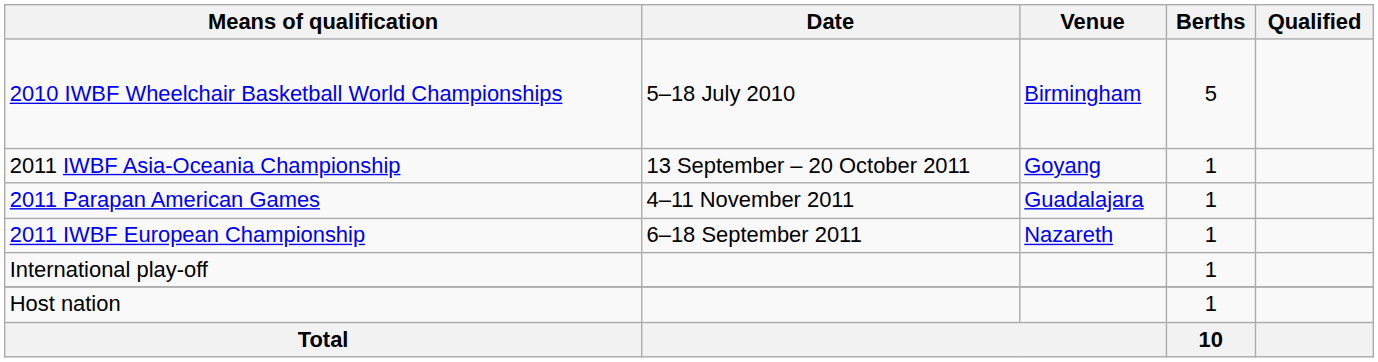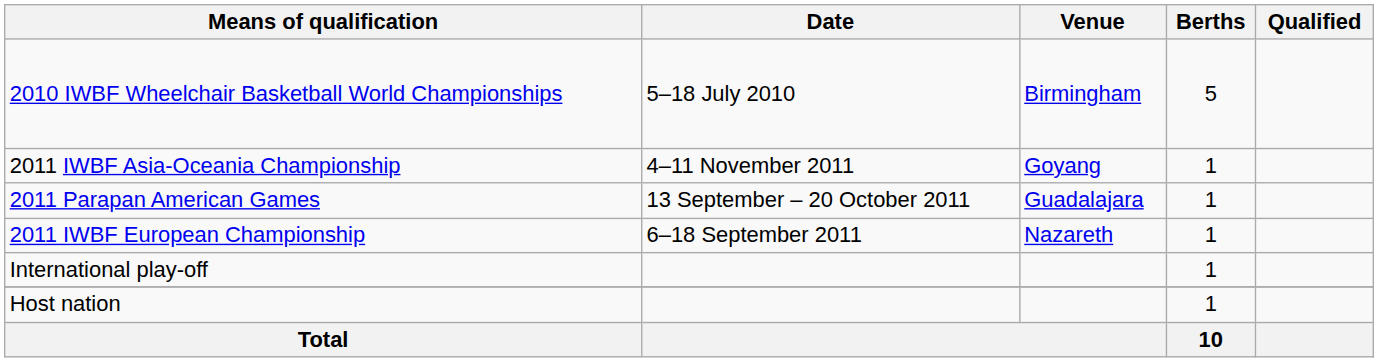 <table class="wikitable" width=1000>
 <tr>
 <th>Means of qualification</th>
 <th>Date</th>
 <th>Venue</th>
 <th>Berths</th>
 <th>Qualified</th>
 </tr>
 <tr>
 <td><a href='#'>2010 IWBF Wheelchair Basketball World Championships</a></td>
 <td>5–18 July 2010</td>
 <td> <a href='#'>Birmingham</a></td>
 <td align="center">5</td>
 <td><br><br><br><br></td>
 </tr>
 <tr>
 <td>2011 <a href='#'>IWBF Asia-Oceania Championship</a></td>
-<td>13 September – 20 October 2011</td>
+<td>4–11 November 2011</td>
 <td> <a href='#'>Goyang</a></td>
 <td align="center">1</td>
 <td></td>
 </tr>
 <tr>
 <td><a href='#'>2011 Parapan American Games</a></td>
-<td>4–11 November 2011</td>
+<td>13 September – 20 October 2011</td>
 <td> <a href='#'>Guadalajara</a></td>
 <td align="center">1</td>
 <td></td>
 </tr>
 <tr>
 <td><a href='#'>2011 IWBF European Championship</a></td>
 <td>6–18 September 2011</td>
 <td> <a href='#'>Nazareth</a></td>
 <td align="center">1</td>
 <td></td>
 </tr>
 <tr>
 <td>International play-off</td>
 <td></td>
 <td align="center"></td>
 <td align="center">1</td>
 <td></td>
 </tr>
 <tr>
 </tr>
 <tr>
 <td>Host nation</td>
 <td></td>
 <td></td>
 <td align="center">1</td>
 <td></td>
 </tr>
 <tr>
 <th>Total</th>
 <th colspan="2"></th>
 <th>10</th>
 <th></th>
 </tr>
 </table>
